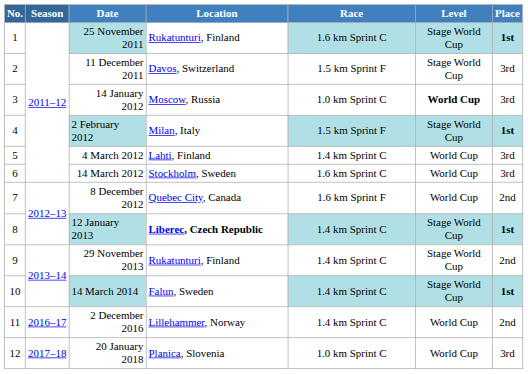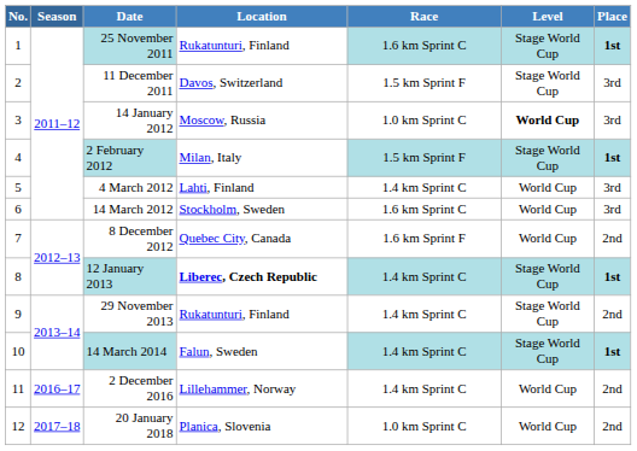 <table class="wikitable sortable" style="font-size:95%; text-align:center; border:grey solid 1px; border-collapse:collapse; background:#ffffff;">
 <tr style="background:#efefef;">
 <th style="background-color:#369; color:white;">No.</th>
 <th style="background-color:#369; color:white;">Season</th>
 <th style="background-color:#4180be; color:white; width:100px;">Date</th>
 <th style="background-color:#4180be; color:white; width:190px;">Location</th>
 <th style="background-color:#4180be; color:white; width:170px;">Race</th>
 <th style="background-color:#4180be; color:white; width:100px;">Level</th>
 <th style="background-color:#4180be; color:white;">Place</th>
 </tr>
 <tr>
 <td align=center>1</td>
 <td rowspan=6 align=center><a href='#'>2011–12</a></td>
 <td bgcolor="#BOEOE6" align=right>25 November 2011</td>
 <td align=left> <a href='#'>Rukatunturi</a>, Finland</td>
 <td bgcolor="#BOEOE6" align=center>1.6 km Sprint C</td>
 <td bgcolor="#BOEOE6">Stage World Cup</td>
 <td bgcolor="#BOEOE6"><strong>1st</strong></td>
 </tr>
 <tr>
 <td align=center>2</td>
 <td align=right>11 December 2011</td>
 <td align=left> <a href='#'>Davos</a>, Switzerland</td>
 <td>1.5 km Sprint F</td>
 <td>Stage World Cup</td>
 <td>3rd</td>
 </tr>
 <tr>
 <td align=center>3</td>
 <td align=right>14 January 2012</td>
 <td align=left> <a href='#'>Moscow</a>, Russia</td>
 <td>1.0 km Sprint C</td>
 <td><strong>World Cup</strong></td>
 <td>3rd</td>
 </tr>
 <tr>
 <td align=center>4</td>
 <td align=left bgcolor="#BOEOE6" align=right>2 February 2012</td>
 <td align=left> <a href='#'>Milan</a>, Italy</td>
 <td bgcolor="#BOEOE6" align=center>1.5 km Sprint F</td>
 <td bgcolor="#BOEOE6">Stage World Cup</td>
 <td bgcolor="#BOEOE6"><strong>1st</strong></td>
 </tr>
 <tr>
 <td align=center>5</td>
 <td align=right>4 March 2012</td>
 <td align=left> <a href='#'>Lahti</a>, Finland</td>
 <td>1.4 km Sprint C</td>
 <td>World Cup</td>
 <td>3rd</td>
 </tr>
 <tr>
 <td align=center>6</td>
 <td align=right>14 March 2012</td>
 <td align=left> <a href='#'>Stockholm</a>, Sweden</td>
 <td>1.6 km Sprint C</td>
 <td>World Cup</td>
 <td>3rd</td>
 </tr>
 <tr>
 <td align=center>7</td>
 <td rowspan=2 align=center><a href='#'>2012–13</a></td>
 <td align=right>8 December 2012</td>
 <td align=left> <a href='#'>Quebec City</a>, Canada</td>
 <td>1.6 km Sprint F</td>
 <td>World Cup</td>
 <td>2nd</td>
 </tr>
 <tr>
 <td align=center>8</td>
 <td align=left bgcolor="#BOEOE6" align=right>12 January 2013</td>
 <td align=left><strong> <a href='#'>Liberec</a>, Czech Republic</strong></td>
 <td bgcolor="#BOEOE6"> 1.4 km Sprint C </td>
 <td bgcolor="#BOEOE6">Stage World Cup</td>
 <td bgcolor="#BOEOE6"><strong>1st</strong></td>
 </tr>
 <tr>
 <td align=center>9</td>
 <td rowspan=2 align=center><a href='#'>2013–14</a></td>
 <td align=right>29 November 2013</td>
 <td align=left> <a href='#'>Rukatunturi</a>, Finland</td>
 <td>1.4 km Sprint C</td>
 <td>Stage World Cup</td>
 <td>2nd</td>
 </tr>
 <tr>
 <td align=center>10</td>
 <td align=left bgcolor="#BOEOE6" align=right>14 March 2014</td>
 <td align=left> <a href='#'>Falun</a>, Sweden</td>
 <td bgcolor="#BOEOE6" align=center>1.4 km Sprint C</td>
 <td bgcolor="#BOEOE6">Stage World Cup</td>
 <td bgcolor="#BOEOE6"><strong>1st</strong></td>
 </tr>
 <tr>
 <td align=center>11</td>
 <td rowspan=1 align=center><a href='#'>2016–17</a></td>
 <td align=right>2 December 2016</td>
 <td align=left> <a href='#'>Lillehammer</a>, Norway</td>
 <td>1.4 km Sprint C</td>
 <td>World Cup</td>
 <td>2nd</td>
 </tr>
 <tr>
 <td align=center>12</td>
 <td rowspan=1 align=center><a href='#'>2017–18</a></td>
 <td align=right>20 January 2018</td>
 <td align=left> <a href='#'>Planica</a>, Slovenia</td>
 <td>1.0 km Sprint C</td>
 <td>World Cup</td>
-<td>3rd</td>
+<td>2nd</td>
 </tr>
 </table>
